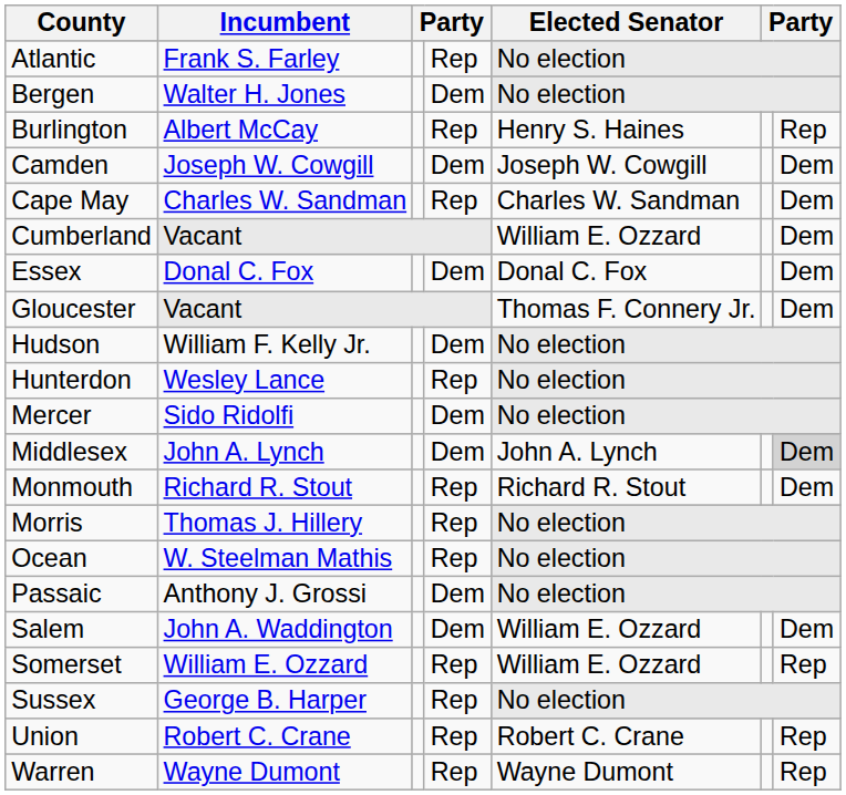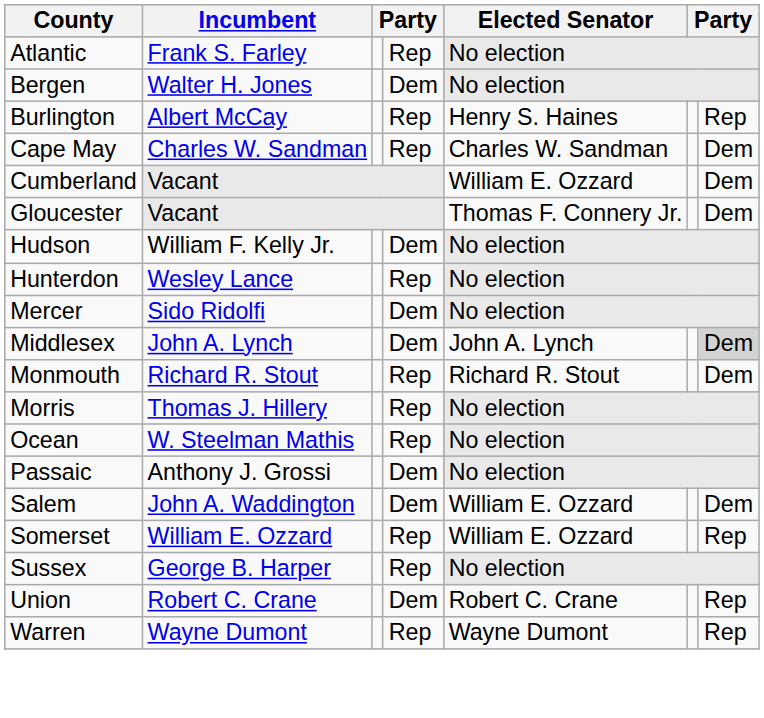 <table class="sortable wikitable" style="font-size:95%;line-height:14px;">
 <tr>
 <th>County</th>
 <th class="unsortable"><a href='#'>Incumbent</a></th>
 <th colspan="2">Party</th>
 <th>Elected Senator</th>
 <th colspan="2">Party</th>
 </tr>
 <tr>
 <td>Atlantic</td>
 <td><a href='#'>Frank S. Farley</a></td>
 <td style="background:"></td>
 <td>Rep</td>
 <td colspan="3"  style="background:#E9E9E9;">No election</td>
 </tr>
 <tr>
 <td>Bergen</td>
 <td><a href='#'>Walter H. Jones</a></td>
 <td style="background:"></td>
 <td>Dem</td>
 <td colspan="3"  style="background:#E9E9E9;">No election</td>
 </tr>
 <tr>
 <td>Burlington</td>
 <td><a href='#'>Albert McCay</a></td>
 <td style="background:"></td>
 <td>Rep</td>
 <td>Henry S. Haines</td>
 <td style="background:"></td>
 <td>Rep</td>
 </tr>
 <tr>
-<td>Camden</td>
-<td><a href='#'>Joseph W. Cowgill</a></td>
-<td style="background:"></td>
-<td>Dem</td>
-<td>Joseph W. Cowgill</td>
-<td style="background:"></td>
-<td>Dem</td>
-</tr>
-<tr>
 <td>Cape May</td>
 <td><a href='#'>Charles W. Sandman</a></td>
 <td style="background:"></td>
 <td>Rep</td>
 <td>Charles W. Sandman</td>
 <td style="background:"></td>
 <td>Dem</td>
 </tr>
 <tr>
 <td>Cumberland</td>
 <td colspan="3"  style="background:#E9E9E9;">Vacant</td>
 <td>William E. Ozzard</td>
-<td style="background:"></td>
-<td>Dem</td>
-</tr>
-<tr>
-<td>Essex</td>
-<td><a href='#'>Donal C. Fox</a></td>
-<td style="background:"></td>
-<td>Dem</td>
-<td>Donal C. Fox</td>
 <td style="background:"></td>
 <td>Dem</td>
 </tr>
 <tr>
 <td>Gloucester</td>
 <td colspan="3"  style="background:#E9E9E9;">Vacant</td>
 <td>Thomas F. Connery Jr.</td>
 <td style="background:"></td>
 <td>Dem</td>
 </tr>
 <tr>
 <td>Hudson</td>
 <td>William F. Kelly Jr.</td>
 <td style="background:"></td>
 <td>Dem</td>
 <td colspan="3"  style="background:#E9E9E9;">No election</td>
 </tr>
 <tr>
 <td>Hunterdon</td>
 <td><a href='#'>Wesley Lance</a></td>
 <td style="background:"></td>
 <td>Rep</td>
 <td colspan="3"  style="background:#E9E9E9;">No election</td>
 </tr>
 <tr>
 <td>Mercer</td>
 <td><a href='#'>Sido Ridolfi</a></td>
 <td style="background:"></td>
 <td>Dem</td>
 <td colspan="3"  style="background:#E9E9E9;">No election</td>
 </tr>
 <tr>
 <td>Middlesex</td>
 <td><a href='#'>John A. Lynch</a></td>
 <td style="background:"></td>
 <td>Dem</td>
 <td>John A. Lynch</td>
 <td style="background:"></td>
 <td style="background: lightgrey;">Dem</td>
 </tr>
 <tr>
 <td>Monmouth</td>
 <td><a href='#'>Richard R. Stout</a></td>
 <td style="background:"></td>
 <td>Rep</td>
 <td>Richard R. Stout</td>
 <td style="background:"></td>
 <td>Dem</td>
 </tr>
 <tr>
 <td>Morris</td>
 <td><a href='#'>Thomas J. Hillery</a></td>
 <td style="background:"></td>
 <td>Rep</td>
 <td colspan="3"  style="background:#E9E9E9;">No election</td>
 </tr>
 <tr>
 <td>Ocean</td>
 <td><a href='#'>W. Steelman Mathis</a></td>
 <td style="background:"></td>
 <td>Rep</td>
 <td colspan="3"  style="background:#E9E9E9;">No election</td>
 </tr>
 <tr>
 <td>Passaic</td>
 <td>Anthony J. Grossi</td>
 <td style="background:"></td>
 <td>Dem</td>
 <td colspan="3"  style="background:#E9E9E9;">No election</td>
 </tr>
 <tr>
 <td>Salem</td>
 <td><a href='#'>John A. Waddington</a></td>
 <td style="background:"></td>
 <td>Dem</td>
 <td>William E. Ozzard</td>
 <td style="background:"></td>
 <td>Dem</td>
 </tr>
 <tr>
 <td>Somerset</td>
 <td><a href='#'>William E. Ozzard</a></td>
 <td style="background:"></td>
 <td>Rep</td>
 <td>William E. Ozzard</td>
 <td style="background:"></td>
 <td>Rep</td>
 </tr>
 <tr>
 <td>Sussex</td>
 <td><a href='#'>George B. Harper</a></td>
 <td style="background:"></td>
 <td>Rep</td>
 <td colspan="3"  style="background:#E9E9E9;">No election</td>
 </tr>
 <tr>
 <td>Union</td>
 <td><a href='#'>Robert C. Crane</a></td>
 <td style="background:"></td>
-<td>Rep</td>
+<td>Dem</td>
 <td>Robert C. Crane</td>
 <td style="background:"></td>
 <td>Rep</td>
 </tr>
 <tr>
 <td>Warren</td>
 <td><a href='#'>Wayne Dumont</a></td>
 <td style="background:"></td>
 <td>Rep</td>
 <td>Wayne Dumont</td>
 <td style="background:"></td>
 <td>Rep</td>
 </tr>
 </table>
